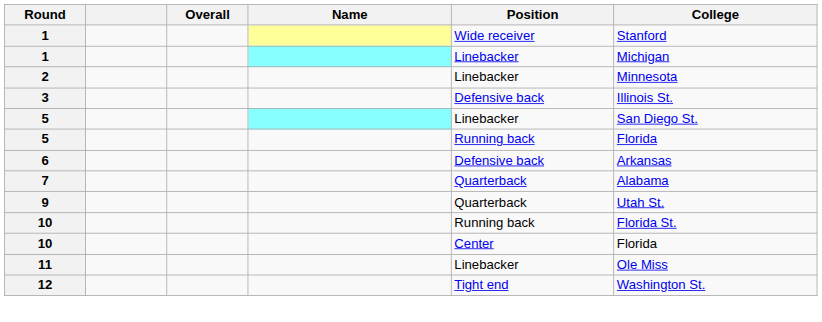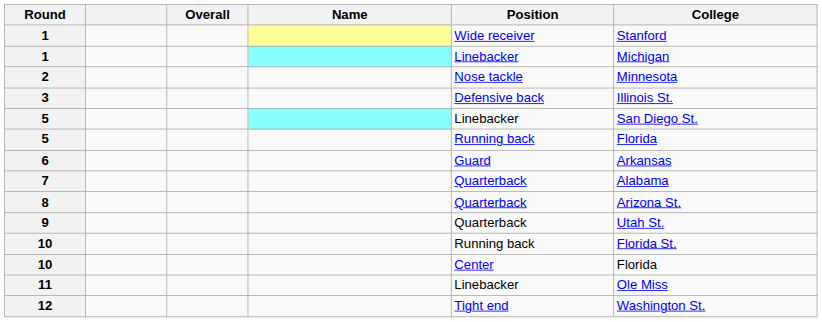 <table class="wikitable sortable" style="width: 50%;">
 <tr>
 <th scope="col" style="width: 10%;">Round</th>
 <th scope="col" style="width: 10%;"></th>
 <th scope="col" style="width: 10%;">Overall</th>
 <th scope="col" style="width: 25%;">Name</th>
 <th scope="col" style="width: 20%;">Position</th>
 <th scope="col" style="width: 25%;">College</th>
 </tr>
 <tr>
 <th scope="row">1</th>
 <td></td>
 <td></td>
 <td style="background:#FFFF99;"> </td>
 <td><a href='#'>Wide receiver</a></td>
 <td><a href='#'>Stanford</a></td>
 </tr>
 <tr>
 <th scope="row">1</th>
 <td></td>
 <td></td>
 <td style="background:#88FFFF;"> <sup></sup></td>
 <td><a href='#'>Linebacker</a></td>
 <td><a href='#'>Michigan</a></td>
 </tr>
 <tr>
 <th scope="row">2</th>
 <td></td>
 <td></td>
 <td></td>
-<td>Linebacker</td>
+<td><a href='#'>Nose tackle</a></td>
 <td><a href='#'>Minnesota</a></td>
 </tr>
 <tr>
 <th scope="row">3</th>
 <td></td>
 <td></td>
 <td></td>
 <td><a href='#'>Defensive back</a></td>
 <td><a href='#'>Illinois St.</a></td>
 </tr>
 <tr>
 <th scope="row">5</th>
 <td></td>
 <td></td>
 <td style="background:#88FFFF;"> <sup></sup></td>
 <td>Linebacker</td>
 <td><a href='#'>San Diego St.</a></td>
 </tr>
 <tr>
 <th scope="row">5</th>
 <td></td>
 <td></td>
 <td></td>
 <td><a href='#'>Running back</a></td>
 <td><a href='#'>Florida</a></td>
 </tr>
 <tr>
 <th scope="row">6</th>
 <td></td>
 <td></td>
 <td></td>
-<td><a href='#'>Defensive back</a></td>
+<td><a href='#'>Guard</a></td>
 <td><a href='#'>Arkansas</a></td>
 </tr>
 <tr>
 <th scope="row">7</th>
 <td></td>
 <td></td>
 <td></td>
 <td><a href='#'>Quarterback</a></td>
 <td><a href='#'>Alabama</a></td>
+</tr>
+<tr>
+<th scope="row">8</th>
+<td></td>
+<td></td>
+<td></td>
+<td><a href='#'>Quarterback</a></td>
+<td><a href='#'>Arizona St.</a></td>
 </tr>
 <tr>
 <th scope="row">9</th>
 <td></td>
 <td></td>
 <td></td>
 <td>Quarterback</td>
 <td><a href='#'>Utah St.</a></td>
 </tr>
 <tr>
 <th scope="row">10</th>
 <td></td>
 <td></td>
 <td></td>
 <td>Running back</td>
 <td><a href='#'>Florida St.</a></td>
 </tr>
 <tr>
 <th scope="row">10</th>
 <td></td>
 <td></td>
 <td></td>
 <td><a href='#'>Center</a></td>
 <td>Florida</td>
 </tr>
 <tr>
 <th scope="row">11</th>
 <td></td>
 <td></td>
 <td></td>
 <td>Linebacker</td>
 <td><a href='#'>Ole Miss</a></td>
 </tr>
 <tr>
 <th scope="row">12</th>
 <td></td>
 <td></td>
 <td></td>
 <td><a href='#'>Tight end</a></td>
 <td><a href='#'>Washington St.</a></td>
 </tr>
 </table>
